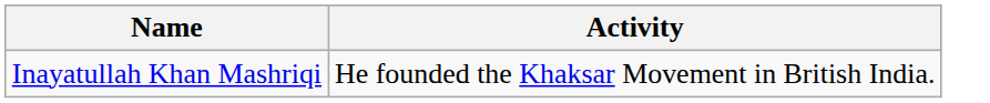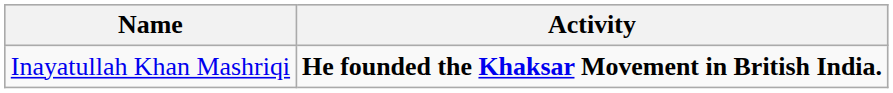 <table class="wikitable">
 <tr>
 <th>Name</th>
 <th>Activity</th>
 </tr>
 <tr>
 <td><a href='#'>Inayatullah Khan Mashriqi</a></td>
-<td>He founded the <a href='#'>Khaksar</a> Movement in British India.</td>
+<td><strong>He founded the <a href='#'>Khaksar</a> Movement in British India.</strong></td>
 </tr>
 </table>
